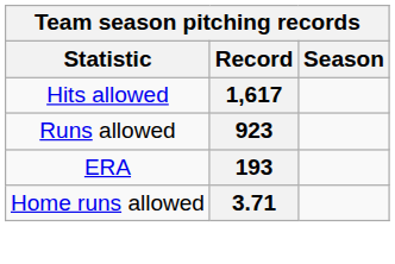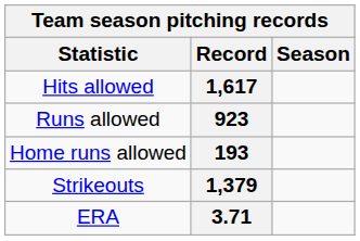 <table class="wikitable sortable" style="text-align:center">
 <tr>
 <th colspan=3>Team season pitching records</th>
 </tr>
 <tr>
 <th scope="col">Statistic</th>
 <th scope="col" class="unsortable">Record</th>
 <th scope="col">Season</th>
 </tr>
 <tr>
 <td><a href='#'>Hits allowed</a></td>
 <th scope="row">1,617</th>
 <td><br></td>
 </tr>
 <tr>
 <td><a href='#'>Runs</a> allowed</td>
 <th scope="row">923</th>
 <td></td>
 </tr>
 <tr>
-<td><a href='#'>ERA</a></td>
+<td><a href='#'>Home runs</a> allowed</td>
 <th scope="row">193</th>
 <td></td>
 </tr>
 <tr>
-<td><a href='#'>Home runs</a> allowed</td>
+<td><a href='#'>Strikeouts</a></td>
+<th scope="row">1,379</th>
+<td></td>
+</tr>
+<tr>
+<td><a href='#'>ERA</a></td>
 <th scope="row">3.71</th>
 <td></td>
 </tr>
 </table>
